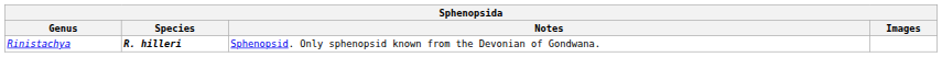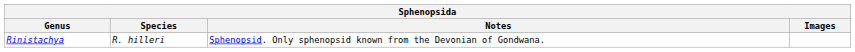 <table class="wikitable sortable" style="background:white; width:100%;">
 <tr>
 <th colspan="4" align="center">Sphenopsida</th>
 </tr>
 <tr>
 <th>Genus</th>
 <th>Species</th>
 <th>Notes</th>
 <th>Images</th>
 </tr>
 <tr>
 <td><em><a href='#'>Rinistachya</a></em></td>
-<td><strong><em>R. hilleri</em></strong></td>
+<td><em>R. hilleri</em></td>
 <td><a href='#'>Sphenopsid</a>. Only sphenopsid known from the Devonian of Gondwana.</td>
 <td></td>
 </tr>
 </table>
